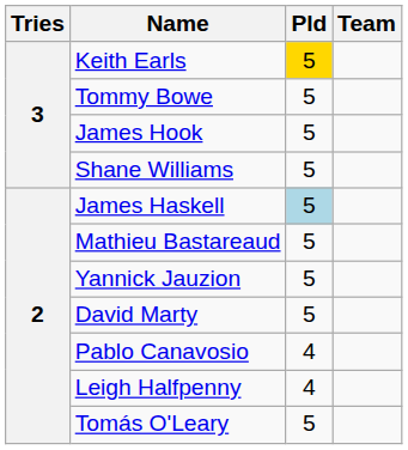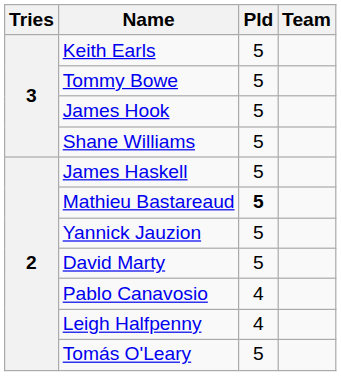 <table class="wikitable">
 <tr>
 <th>Tries</th>
 <th>Name</th>
 <th>Pld</th>
 <th>Team</th>
 </tr>
 <tr>
 <th rowspan=4>3</th>
 <td><a href='#'>Keith Earls</a></td>
-<td align="center" style="background: gold;">5</td>
+<td align="center">5</td>
 <td></td>
 </tr>
 <tr>
 <td><a href='#'>Tommy Bowe</a></td>
 <td align="center">5</td>
 <td></td>
 </tr>
 <tr>
 <td><a href='#'>James Hook</a></td>
 <td align="center">5</td>
 <td></td>
 </tr>
 <tr>
 <td><a href='#'>Shane Williams</a></td>
 <td align="center">5</td>
 <td></td>
 </tr>
 <tr>
 <th rowspan=7>2</th>
 <td><a href='#'>James Haskell</a></td>
-<td align="center" style="background: lightblue;">5</td>
+<td align="center">5</td>
 <td></td>
 </tr>
 <tr>
 <td><a href='#'>Mathieu Bastareaud</a></td>
-<td align="center">5</td>
+<td align="center"><strong>5</strong></td>
 <td></td>
 </tr>
 <tr>
 <td><a href='#'>Yannick Jauzion</a></td>
 <td align="center">5</td>
 <td></td>
 </tr>
 <tr>
 <td><a href='#'>David Marty</a></td>
 <td align="center">5</td>
 <td></td>
 </tr>
 <tr>
 <td><a href='#'>Pablo Canavosio</a></td>
 <td align="center">4</td>
 <td></td>
 </tr>
 <tr>
 <td><a href='#'>Leigh Halfpenny</a></td>
 <td align="center">4</td>
 <td></td>
 </tr>
 <tr>
 <td><a href='#'>Tomás O'Leary</a></td>
 <td align="center">5</td>
 <td></td>
 </tr>
 </table>
